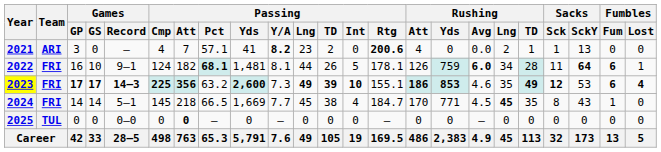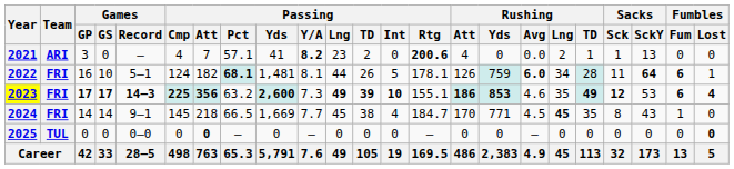 <table class="wikitable" style="text-align:center;">
 <tr>
 <th rowspan="2">Year</th>
 <th rowspan="2">Team</th>
 <th colspan="3">Games</th>
 <th colspan="9">Passing</th>
 <th colspan="5">Rushing</th>
 <th colspan="2">Sacks</th>
 <th colspan="2">Fumbles</th>
 </tr>
 <tr>
 <th>GP</th>
 <th>GS</th>
 <th>Record</th>
 <th>Cmp</th>
 <th>Att</th>
 <th>Pct</th>
 <th>Yds</th>
 <th>Y/A</th>
 <th>Lng</th>
 <th>TD</th>
 <th>Int</th>
 <th>Rtg</th>
 <th>Att</th>
 <th>Yds</th>
 <th>Avg</th>
 <th>Lng</th>
 <th>TD</th>
 <th>Sck</th>
 <th>SckY</th>
 <th>Fum</th>
 <th>Lost</th>
 </tr>
 <tr>
 <th><a href='#'>2021</a></th>
 <th><a href='#'>ARI</a></th>
 <td>3</td>
 <td>0</td>
 <td>—</td>
 <td>4</td>
 <td>7</td>
 <td>57.1</td>
 <td>41</td>
 <td><strong>8.2</strong></td>
 <td>23</td>
 <td>2</td>
 <td>0</td>
 <td><strong>200.6</strong></td>
 <td>4</td>
 <td>0</td>
 <td>0.0</td>
 <td>2</td>
 <td>1</td>
 <td>1</td>
 <td>13</td>
 <td>0</td>
 <td>0</td>
 </tr>
 <tr>
 <th><a href='#'>2022</a></th>
 <th><a href='#'>FRI</a></th>
 <td>16</td>
 <td>10</td>
-<td>9–1</td>
+<td>5–1</td>
 <td>124</td>
 <td>182</td>
 <td style="background:#cfecec;"><strong>68.1</strong></td>
 <td>1,481</td>
 <td>8.1</td>
 <td>44</td>
 <td>26</td>
 <td>5</td>
 <td>178.1</td>
 <td>126</td>
 <td style="background:#cfecec;">759</td>
 <td><strong>6.0</strong></td>
 <td>34</td>
 <td style="background:#cfecec;">28</td>
 <td>11</td>
 <td><strong>64</strong></td>
 <td><strong>6</strong></td>
 <td>1</td>
 </tr>
 <tr>
 <th style="background:#ff0;"><a href='#'>2023</a></th>
 <th><a href='#'>FRI</a></th>
 <td><strong>17</strong></td>
 <td><strong>17</strong></td>
 <td><strong>14–3</strong></td>
 <td style="background:#cfecec;"><strong>225</strong></td>
 <td style="background:#cfecec;"><strong>356</strong></td>
 <td>63.2</td>
 <td style="background:#cfecec;"><strong>2,600</strong></td>
 <td>7.3</td>
 <td><strong>49</strong></td>
 <td><strong>39</strong></td>
 <td><strong>10</strong></td>
 <td>155.1</td>
 <td style="background:#cfecec;"><strong>186</strong></td>
 <td style="background:#cfecec;"><strong>853</strong></td>
 <td>4.6</td>
 <td>35</td>
 <td style="background:#cfecec;"><strong>49</strong></td>
 <td><strong>12</strong></td>
 <td>53</td>
 <td><strong>6</strong></td>
 <td><strong>4</strong></td>
 </tr>
 <tr>
 <th><a href='#'>2024</a></th>
 <th><a href='#'>FRI</a></th>
 <td>14</td>
 <td>14</td>
-<td>5–1</td>
+<td>9–1</td>
 <td>145</td>
 <td>218</td>
 <td>66.5</td>
 <td>1,669</td>
 <td>7.7</td>
 <td>45</td>
 <td>38</td>
 <td>4</td>
 <td>184.7</td>
 <td>170</td>
 <td>771</td>
 <td>4.5</td>
 <td><strong>45</strong></td>
 <td>35</td>
 <td>8</td>
 <td>43</td>
 <td>1</td>
 <td>0 </td>
 </tr>
 <tr>
 <th><a href='#'>2025</a></th>
 <th><a href='#'>TUL</a></th>
 <td>0</td>
 <td>0</td>
 <td>0–0</td>
 <td>0</td>
 <td><strong>0</strong></td>
 <td>–</td>
 <td>0</td>
 <td>–</td>
 <td>0</td>
 <td>0</td>
 <td>0</td>
 <td>–</td>
 <td>0</td>
 <td>0</td>
 <td>–</td>
 <td>0</td>
 <td>0</td>
 <td>0</td>
 <td>0</td>
 <td>0</td>
-<td>0</td>
+<td><strong>0</strong></td>
 </tr>
 <tr>
 <th colspan="2">Career</th>
 <th>42</th>
 <th>33</th>
 <th>28–5</th>
 <th>498</th>
 <th>763</th>
 <th>65.3</th>
 <th>5,791</th>
 <th>7.6</th>
 <th>49</th>
 <th>105</th>
 <th>19</th>
 <th>169.5</th>
 <th>486</th>
 <th>2,383</th>
 <th>4.9</th>
 <th>45</th>
 <th>113</th>
 <th>32</th>
 <th>173</th>
 <th>13</th>
 <th>5</th>
 </tr>
 </table>
